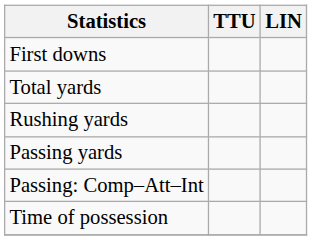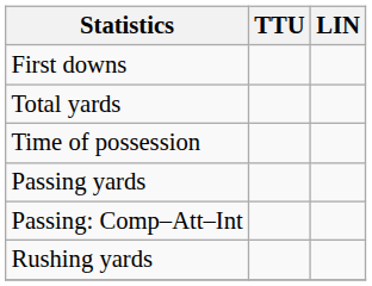 <table class="wikitable" style="float: left;">
 <tr>
 <th>Statistics</th>
 <th>TTU</th>
 <th>LIN</th>
 </tr>
 <tr>
 <td>First downs</td>
 <td></td>
 <td></td>
 </tr>
 <tr>
 <td>Total yards</td>
 <td></td>
 <td></td>
 </tr>
 <tr>
-<td>Rushing yards</td>
+<td>Time of possession</td>
 <td></td>
 <td></td>
 </tr>
 <tr>
 <td>Passing yards</td>
 <td></td>
 <td></td>
 </tr>
 <tr>
 <td>Passing: Comp–Att–Int</td>
 <td></td>
 <td></td>
 </tr>
 <tr>
-<td>Time of possession</td>
+<td>Rushing yards</td>
 <td></td>
 <td></td>
 </tr>
 <tr>
 </tr>
 </table>
